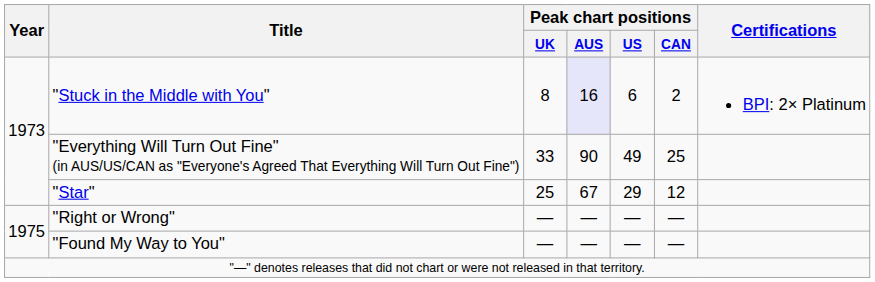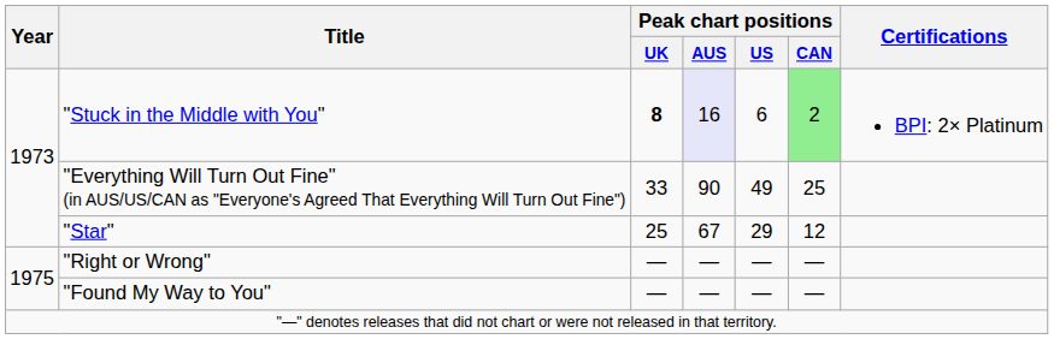 <table class="wikitable">
 <tr>
 <th scope="col" rowspan="2">Year</th>
 <th scope="col" rowspan="2">Title</th>
 <th scope="col" colspan="4">Peak chart positions</th>
 <th scope="col" rowspan="2"><a href='#'>Certifications</a></th>
 </tr>
 <tr>
 <th style="width:35px;"><small><a href='#'>UK</a></small><br></th>
 <th style="width:35px;"><small><a href='#'>AUS</a></small><br></th>
 <th style="width:35px;"><small><a href='#'>US</a></small><br></th>
 <th style="width:35px;"><small><a href='#'>CAN</a></small><br></th>
 </tr>
 <tr>
 <td rowspan="3">1973</td>
 <td>"<a href='#'>Stuck in the Middle with You</a>"</td>
-<td align=center>8</td>
+<td align=center><strong>8</strong></td>
 <td align=center style="background: lavender;">16</td>
 <td align=center>6</td>
-<td align=center>2</td>
+<td align=center style="background: lightgreen;">2</td>
 <td><br><ul><li><a href='#'>BPI</a>: 2× Platinum</li></ul></td>
 </tr>
 <tr>
 <td>"Everything Will Turn Out Fine" <br><small>(in AUS/US/CAN as "Everyone's Agreed That Everything Will Turn Out Fine")</small></td>
 <td align=center>33</td>
 <td align=center>90</td>
 <td align=center>49</td>
 <td align=center>25</td>
 <td></td>
 </tr>
 <tr>
 <td>"<a href='#'>Star</a>"</td>
 <td align=center>25</td>
 <td align=center>67</td>
 <td align=center>29</td>
 <td align=center>12</td>
 <td></td>
 </tr>
 <tr>
 <td rowspan="2">1975</td>
 <td>"Right or Wrong"</td>
 <td align=center>―</td>
 <td align=center>―</td>
 <td align=center>―</td>
 <td align=center>―</td>
 <td></td>
 </tr>
 <tr>
 <td>"Found My Way to You"</td>
 <td align=center>―</td>
 <td align=center>―</td>
 <td align=center>―</td>
 <td align=center>―</td>
 <td></td>
 </tr>
 <tr>
 <td colspan="7" style="text-align:center; font-size:9pt;">"—" denotes releases that did not chart or were not released in that territory.</td>
 </tr>
 </table>
